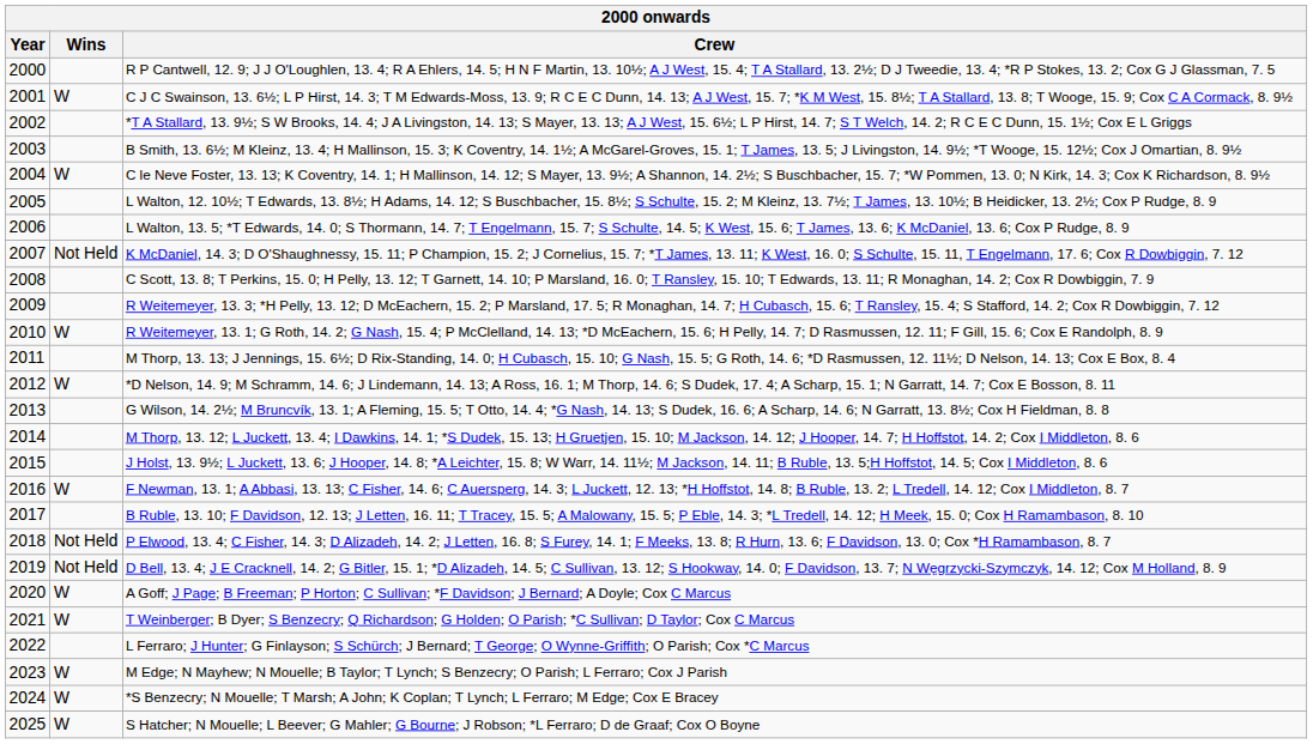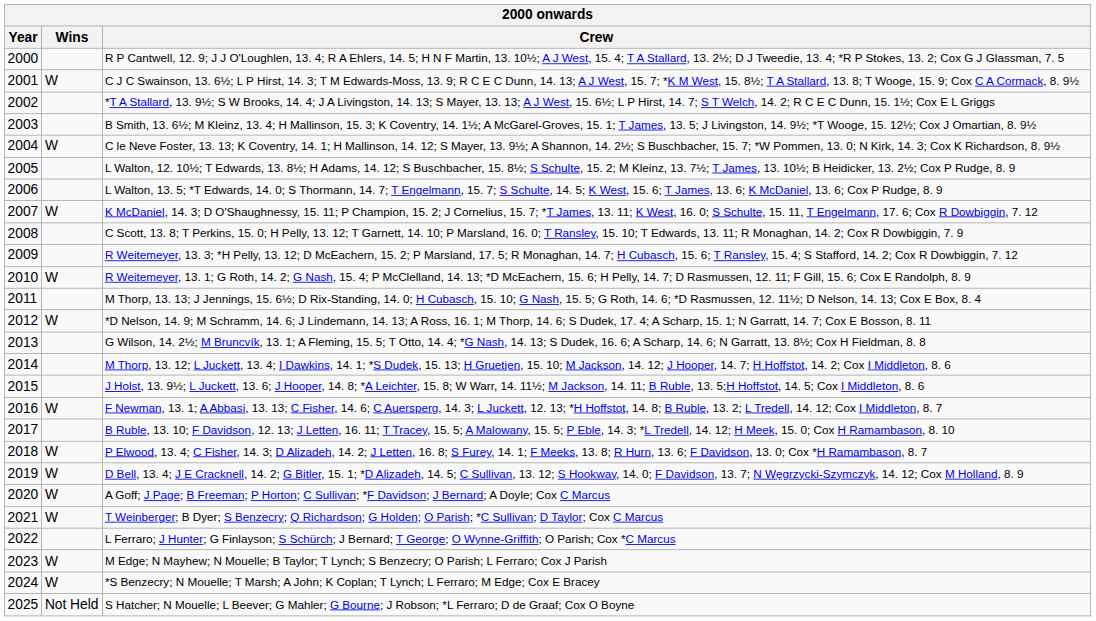 <table class="wikitable" style="width:100%;">
 <tr>
 <th colspan="3">2000 onwards</th>
 </tr>
 <tr>
 <th>Year</th>
 <th>Wins</th>
 <th>Crew</th>
 </tr>
 <tr>
 <td>2000</td>
 <td></td>
 <td style="font-size:85%">R P Cantwell, 12. 9; J J O'Loughlen, 13. 4; R A Ehlers, 14. 5; H N F Martin, 13. 10½; <a href='#'>A J West</a>, 15. 4; <a href='#'>T A Stallard</a>, 13. 2½; D J Tweedie, 13. 4; *R P Stokes, 13. 2; Cox G J Glassman, 7. 5</td>
 </tr>
 <tr>
 <td>2001</td>
 <td>W</td>
 <td style="font-size:85%">C J C Swainson, 13. 6½; L P Hirst, 14. 3; T M Edwards-Moss, 13. 9; R C E C Dunn, 14. 13; <a href='#'>A J West</a>, 15. 7; *<a href='#'>K M West</a>, 15. 8½; <a href='#'>T A Stallard</a>, 13. 8; T Wooge, 15. 9; Cox <a href='#'>C A Cormack</a>, 8. 9½</td>
 </tr>
 <tr>
 <td>2002</td>
 <td></td>
 <td style="font-size:85%">*<a href='#'>T A Stallard</a>, 13. 9½; S W Brooks, 14. 4; J A Livingston, 14. 13; S Mayer, 13. 13; <a href='#'>A J West</a>, 15. 6½; L P Hirst, 14. 7; <a href='#'>S T Welch</a>, 14. 2; R C E C Dunn, 15. 1½; Cox E L Griggs</td>
 </tr>
 <tr>
 <td>2003</td>
 <td></td>
 <td style="font-size:85%">B Smith, 13. 6½; M Kleinz, 13. 4; H Mallinson, 15. 3; K Coventry, 14. 1½; A McGarel-Groves, 15. 1; <a href='#'>T James</a>, 13. 5; J Livingston, 14. 9½; *T Wooge, 15. 12½; Cox J Omartian, 8. 9½</td>
 </tr>
 <tr>
 <td>2004</td>
 <td>W</td>
 <td style="font-size:85%">C le Neve Foster, 13. 13; K Coventry, 14. 1; H Mallinson, 14. 12; S Mayer, 13. 9½; A Shannon, 14. 2½; S Buschbacher, 15. 7; *W Pommen, 13. 0; N Kirk, 14. 3; Cox K Richardson, 8. 9½</td>
 </tr>
 <tr>
 <td>2005</td>
 <td></td>
 <td style="font-size:85%">L Walton, 12. 10½; T Edwards, 13. 8½; H Adams, 14. 12; S Buschbacher, 15. 8½; <a href='#'>S Schulte</a>, 15. 2; M Kleinz, 13. 7½; <a href='#'>T James</a>, 13. 10½; B Heidicker, 13. 2½; Cox P Rudge, 8. 9</td>
 </tr>
 <tr>
 <td>2006</td>
 <td></td>
 <td style="font-size:85%">L Walton, 13. 5; *T Edwards, 14. 0; S Thormann, 14. 7; <a href='#'>T Engelmann</a>, 15. 7; <a href='#'>S Schulte</a>, 14. 5; <a href='#'>K West</a>, 15. 6; <a href='#'>T James</a>, 13. 6; <a href='#'>K McDaniel</a>, 13. 6; Cox P Rudge, 8. 9</td>
 </tr>
 <tr>
 <td>2007</td>
-<td>Not Held</td>
+<td>W</td>
 <td style="font-size:85%"><a href='#'>K McDaniel</a>, 14. 3; D O'Shaughnessy, 15. 11; P Champion, 15. 2; J Cornelius, 15. 7; *<a href='#'>T James</a>, 13. 11; <a href='#'>K West</a>, 16. 0; <a href='#'>S Schulte</a>, 15. 11, <a href='#'>T Engelmann</a>, 17. 6; Cox <a href='#'>R Dowbiggin</a>, 7. 12</td>
 </tr>
 <tr>
 <td>2008</td>
 <td></td>
 <td style="font-size:85%">C Scott, 13. 8; T Perkins, 15. 0; H Pelly, 13. 12; T Garnett, 14. 10; P Marsland, 16. 0; <a href='#'>T Ransley</a>, 15. 10; T Edwards, 13. 11; R Monaghan, 14. 2; Cox R Dowbiggin, 7. 9</td>
 </tr>
 <tr>
 <td>2009</td>
 <td></td>
 <td style="font-size:85%"><a href='#'>R Weitemeyer</a>, 13. 3; *H Pelly, 13. 12; D McEachern, 15. 2; P Marsland, 17. 5; R Monaghan, 14. 7; <a href='#'>H Cubasch</a>, 15. 6; <a href='#'>T Ransley</a>, 15. 4; S Stafford, 14. 2; Cox R Dowbiggin, 7. 12</td>
 </tr>
 <tr>
 <td>2010</td>
 <td>W</td>
 <td style="font-size:85%"><a href='#'>R Weitemeyer</a>, 13. 1; G Roth, 14. 2; <a href='#'>G Nash</a>, 15. 4; P McClelland, 14. 13; *D McEachern, 15. 6; H Pelly, 14. 7; D Rasmussen, 12. 11; F Gill, 15. 6; Cox E Randolph, 8. 9</td>
 </tr>
 <tr>
 <td>2011</td>
 <td></td>
 <td style="font-size:85%">M Thorp, 13. 13; J Jennings, 15. 6½; D Rix-Standing, 14. 0; <a href='#'>H Cubasch</a>, 15. 10; <a href='#'>G Nash</a>, 15. 5; G Roth, 14. 6; *D Rasmussen, 12. 11½; D Nelson, 14. 13; Cox E Box, 8. 4</td>
 </tr>
 <tr>
 <td>2012</td>
 <td>W</td>
 <td style="font-size:85%">*D Nelson, 14. 9; M Schramm, 14. 6; J Lindemann, 14. 13; A Ross, 16. 1; M Thorp, 14. 6; S Dudek, 17. 4; A Scharp, 15. 1; N Garratt, 14. 7; Cox E Bosson, 8. 11</td>
 </tr>
 <tr>
 <td>2013</td>
 <td></td>
 <td style="font-size:85%">G Wilson, 14. 2½; <a href='#'>M Bruncvík</a>, 13. 1; A Fleming, 15. 5; T Otto, 14. 4; *<a href='#'>G Nash</a>, 14. 13; S Dudek, 16. 6; A Scharp, 14. 6; N Garratt, 13. 8½; Cox H Fieldman, 8. 8</td>
 </tr>
 <tr>
 <td>2014</td>
 <td></td>
 <td style="font-size:85%"><a href='#'>M Thorp</a>, 13. 12; <a href='#'>L Juckett</a>, 13. 4; <a href='#'>I Dawkins</a>, 14. 1; *<a href='#'>S Dudek</a>, 15. 13; <a href='#'>H Gruetjen</a>, 15. 10; <a href='#'>M Jackson</a>, 14. 12; <a href='#'>J Hooper</a>, 14. 7; <a href='#'>H Hoffstot</a>, 14. 2; Cox <a href='#'>I Middleton</a>, 8. 6</td>
 </tr>
 <tr>
 <td>2015</td>
 <td></td>
 <td style="font-size:85%"><a href='#'>J Holst</a>, 13. 9½; <a href='#'>L Juckett</a>, 13. 6; <a href='#'>J Hooper</a>, 14. 8; *<a href='#'>A Leichter</a>, 15. 8; W Warr, 14. 11½; <a href='#'>M Jackson</a>, 14. 11; <a href='#'>B Ruble</a>, 13. 5;<a href='#'>H Hoffstot</a>, 14. 5; Cox <a href='#'>I Middleton</a>, 8. 6</td>
 </tr>
 <tr>
 <td>2016</td>
 <td>W</td>
 <td style="font-size:85%"><a href='#'>F Newman</a>, 13. 1; <a href='#'>A Abbasi</a>, 13. 13; <a href='#'>C Fisher</a>, 14. 6; <a href='#'>C Auersperg</a>, 14. 3; <a href='#'>L Juckett</a>, 12. 13; *<a href='#'>H Hoffstot</a>, 14. 8; <a href='#'>B Ruble</a>, 13. 2; <a href='#'>L Tredell</a>, 14. 12; Cox <a href='#'>I Middleton</a>, 8. 7</td>
 </tr>
 <tr>
 <td>2017</td>
 <td></td>
 <td style="font-size:85%"><a href='#'>B Ruble</a>, 13. 10; <a href='#'>F Davidson</a>, 12. 13; <a href='#'>J Letten</a>, 16. 11; <a href='#'>T Tracey</a>, 15. 5; <a href='#'>A Malowany</a>, 15. 5; <a href='#'>P Eble</a>, 14. 3; *<a href='#'>L Tredell</a>, 14. 12; <a href='#'>H Meek</a>, 15. 0; Cox <a href='#'>H Ramambason</a>, 8. 10</td>
 </tr>
 <tr>
 <td>2018</td>
-<td>Not Held</td>
+<td>W</td>
 <td style="font-size:85%"><a href='#'>P Elwood</a>, 13. 4; <a href='#'>C Fisher</a>, 14. 3; <a href='#'>D Alizadeh</a>, 14. 2; <a href='#'>J Letten</a>, 16. 8; <a href='#'>S Furey</a>, 14. 1; <a href='#'>F Meeks</a>, 13. 8; <a href='#'>R Hurn</a>, 13. 6; <a href='#'>F Davidson</a>, 13. 0; Cox *<a href='#'>H Ramambason</a>, 8. 7</td>
 </tr>
 <tr>
 <td>2019</td>
-<td>Not Held</td>
+<td>W</td>
 <td style="font-size:85%"><a href='#'>D Bell</a>, 13. 4; <a href='#'>J E Cracknell</a>, 14. 2; <a href='#'>G Bitler</a>, 15. 1; *<a href='#'>D Alizadeh</a>, 14. 5; <a href='#'>C Sullivan</a>, 13. 12; <a href='#'>S Hookway</a>, 14. 0; <a href='#'>F Davidson</a>, 13. 7; <a href='#'>N Węgrzycki-Szymczyk</a>, 14. 12; Cox <a href='#'>M Holland</a>, 8. 9</td>
 </tr>
 <tr>
 <td>2020</td>
 <td>W</td>
 <td style="font-size:85%">A Goff; <a href='#'>J Page</a>; <a href='#'>B Freeman</a>; <a href='#'>P Horton</a>; <a href='#'>C Sullivan</a>; *<a href='#'>F Davidson</a>; <a href='#'>J Bernard</a>; A Doyle; Cox <a href='#'>C Marcus</a></td>
 </tr>
 <tr>
 <td>2021</td>
 <td>W</td>
 <td style="font-size:85%"><a href='#'>T Weinberger</a>; B Dyer; <a href='#'>S Benzecry</a>; <a href='#'>Q Richardson</a>; <a href='#'>G Holden</a>; <a href='#'>O Parish</a>; *<a href='#'>C Sullivan</a>; <a href='#'>D Taylor</a>; Cox <a href='#'>C Marcus</a></td>
 </tr>
 <tr>
 <td>2022</td>
 <td></td>
 <td style="font-size:85%">L Ferraro; <a href='#'>J Hunter</a>; G Finlayson; <a href='#'>S Schürch</a>; J Bernard; <a href='#'>T George</a>; <a href='#'>O Wynne-Griffith</a>; O Parish; Cox *<a href='#'>C Marcus</a></td>
 </tr>
 <tr>
 <td>2023</td>
 <td>W</td>
 <td style="font-size:85%">M Edge; N Mayhew; N Mouelle; B Taylor; T Lynch; S Benzecry; O Parish; L Ferraro; Cox J Parish</td>
 </tr>
 <tr>
 <td>2024</td>
 <td>W</td>
 <td style="font-size:85%">*S Benzecry; N Mouelle; T Marsh; A John; K Coplan; T Lynch; L Ferraro; M Edge; Cox E Bracey</td>
 </tr>
 <tr>
 <td>2025</td>
-<td>W</td>
+<td>Not Held</td>
 <td style="font-size:85%">S Hatcher; N Mouelle; L Beever; G Mahler; <a href='#'>G Bourne</a>; J Robson; *L Ferraro; D de Graaf; Cox O Boyne</td>
 </tr>
 </table>
